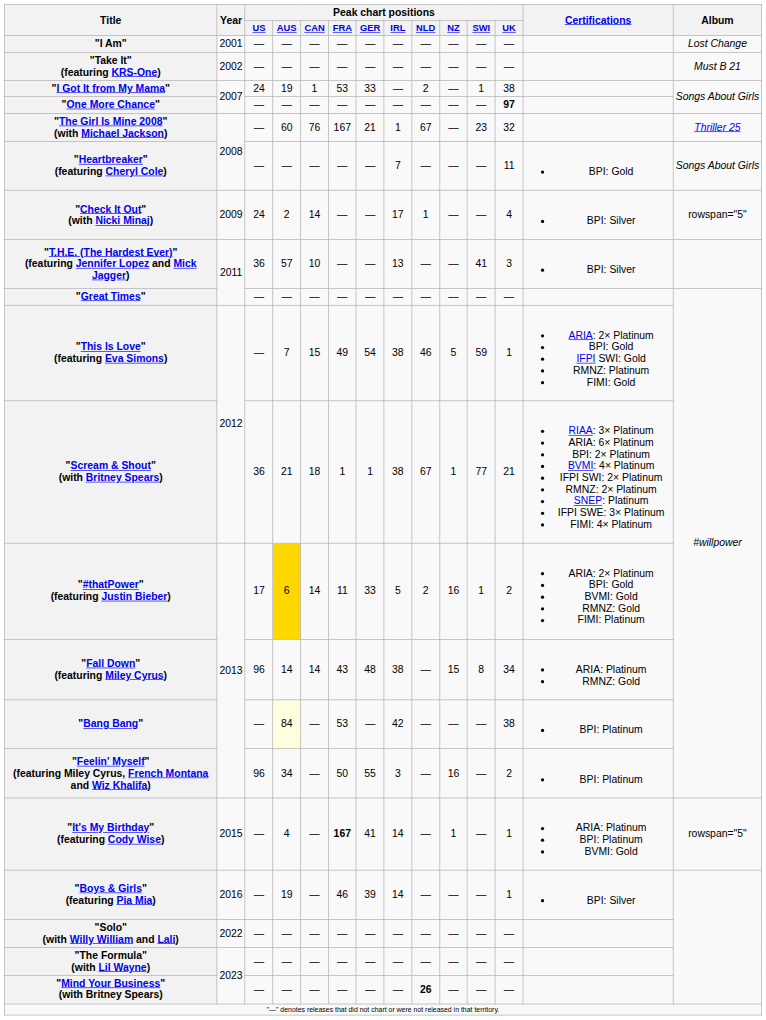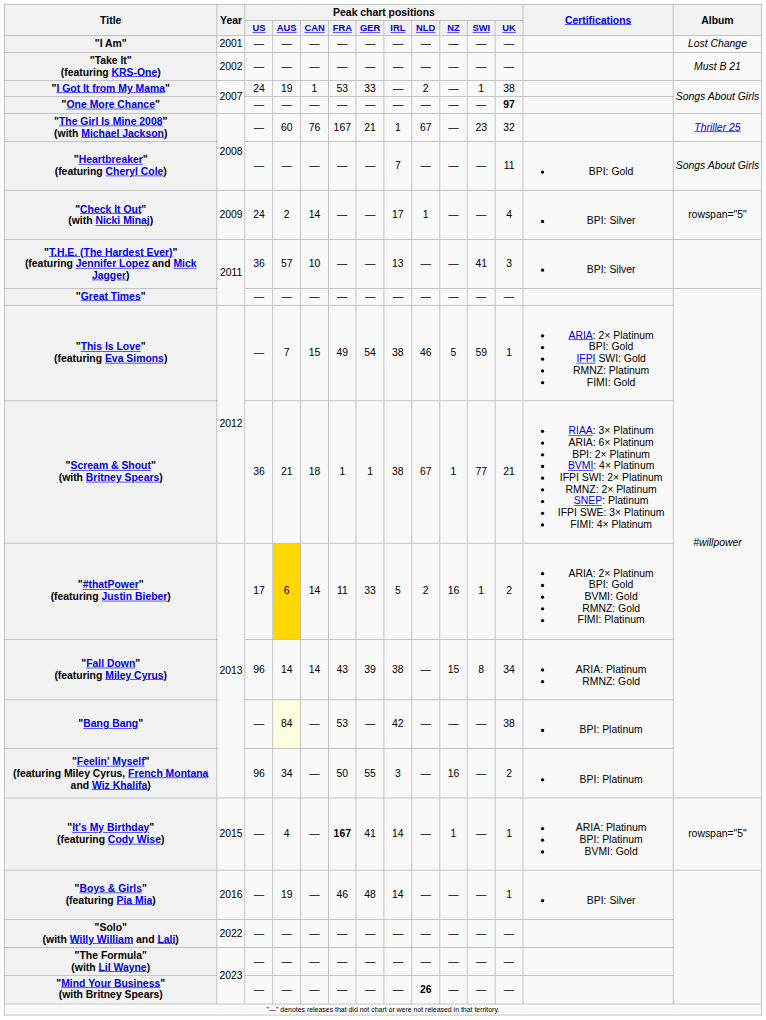 <table class="wikitable plainrowheaders" style="text-align:center;" border="1">
 <tr>
 <th scope="col" rowspan="2" style="width:20em;">Title</th>
 <th scope="col" rowspan="2">Year</th>
 <th scope="col" colspan="10">Peak chart positions</th>
 <th scope="col" rowspan="2" style="width:14em;"><a href='#'>Certifications</a></th>
 <th scope="col" rowspan="2">Album</th>
 </tr>
 <tr>
 <th scope="col" style="width:2.5em;font-size:90%;"><a href='#'>US</a><br></th>
 <th scope="col" style="width:2.5em;font-size:90%;"><a href='#'>AUS</a><br></th>
 <th scope="col" style="width:2.5em;font-size:90%;"><a href='#'>CAN</a><br></th>
 <th scope="col" style="width:2.5em;font-size:90%;"><a href='#'>FRA</a><br></th>
 <th scope="col" style="width:2.5em;font-size:90%;"><a href='#'>GER</a><br></th>
 <th scope="col" style="width:2.5em;font-size:90%;"><a href='#'>IRL</a><br></th>
 <th scope="col" style="width:2.5em;font-size:90%;"><a href='#'>NLD</a><br></th>
 <th scope="col" style="width:2.5em;font-size:90%;"><a href='#'>NZ</a><br></th>
 <th scope="col" style="width:2.5em;font-size:90%;"><a href='#'>SWI</a><br></th>
 <th scope="col" style="width:2.5em;font-size:90%;"><a href='#'>UK</a><br></th>
 </tr>
 <tr>
 <th scope="row">"I Am"</th>
 <td>2001</td>
 <td>—</td>
 <td>—</td>
 <td>—</td>
 <td>—</td>
 <td>—</td>
 <td>—</td>
 <td>—</td>
 <td>—</td>
 <td>—</td>
 <td>—</td>
 <td></td>
 <td><em>Lost Change</em></td>
 </tr>
 <tr>
 <th scope="row">"Take It"<br><span>(featuring <a href='#'>KRS-One</a>)</span></th>
 <td>2002</td>
 <td>—</td>
 <td>—</td>
 <td>—</td>
 <td>—</td>
 <td>—</td>
 <td>—</td>
 <td>—</td>
 <td>—</td>
 <td>—</td>
 <td>—</td>
 <td></td>
 <td><em>Must B 21</em></td>
 </tr>
 <tr>
 <th scope="row">"<a href='#'>I Got It from My Mama</a>"</th>
 <td rowspan="2">2007</td>
 <td>24</td>
 <td>19</td>
 <td>1</td>
 <td>53</td>
 <td>33</td>
 <td>—</td>
 <td>2</td>
 <td>—</td>
 <td>1</td>
 <td>38</td>
 <td></td>
 <td rowspan="2"><em>Songs About Girls</em></td>
 </tr>
 <tr>
 <th scope="row">"<a href='#'>One More Chance</a>"</th>
 <td>—</td>
 <td>—</td>
 <td>—</td>
 <td>—</td>
 <td>—</td>
 <td>—</td>
 <td>—</td>
 <td>—</td>
 <td>—</td>
 <td><strong>97</strong></td>
 <td></td>
 </tr>
 <tr>
 <th scope="row">"<a href='#'>The Girl Is Mine 2008</a>"<br><span>(with <a href='#'>Michael Jackson</a>)</span></th>
 <td rowspan="2">2008</td>
 <td>—</td>
 <td>60</td>
 <td>76</td>
 <td>167</td>
 <td>21</td>
 <td>1</td>
 <td>67</td>
 <td>—</td>
 <td>23</td>
 <td>32</td>
 <td></td>
 <td><em><a href='#'>Thriller 25</a></em></td>
 </tr>
 <tr>
 <th scope="row">"<a href='#'>Heartbreaker</a>"<br><span>(featuring <a href='#'>Cheryl Cole</a>)</span></th>
 <td>—</td>
 <td>—</td>
 <td>—</td>
 <td>—</td>
 <td>—</td>
 <td>7</td>
 <td>—</td>
 <td>—</td>
 <td>—</td>
 <td>11</td>
 <td><br><ul><li>BPI: Gold</li></ul></td>
 <td><em>Songs About Girls</em></td>
 </tr>
 <tr>
 <th scope="row">"<a href='#'>Check It Out</a>"<br><span>(with <a href='#'>Nicki Minaj</a>)</span></th>
 <td>2009</td>
 <td>24</td>
 <td>2</td>
 <td>14</td>
 <td>—</td>
 <td>—</td>
 <td>17</td>
 <td>1</td>
 <td>—</td>
 <td>—</td>
 <td>4</td>
 <td><br><ul><li>BPI: Silver</li></ul></td>
 <td>rowspan="5" </td>
 </tr>
 <tr>
 <th scope="row">"<a href='#'>T.H.E. (The Hardest Ever)</a>"<br><span>(featuring <a href='#'>Jennifer Lopez</a> and <a href='#'>Mick Jagger</a>)</span></th>
 <td rowspan="2">2011</td>
 <td>36</td>
 <td>57</td>
 <td>10</td>
 <td>—</td>
 <td>—</td>
 <td>13</td>
 <td>—</td>
 <td>—</td>
 <td>41</td>
 <td>3</td>
 <td><br><ul><li>BPI: Silver</li></ul></td>
 <td></td>
 </tr>
 <tr>
 <th scope="row">"<a href='#'>Great Times</a>"</th>
 <td>—</td>
 <td>—</td>
 <td>—</td>
 <td>—</td>
 <td>—</td>
 <td>—</td>
 <td>—</td>
 <td>—</td>
 <td>—</td>
 <td>—</td>
 <td></td>
 <td rowspan="7"><em>#willpower</em></td>
 </tr>
 <tr>
 <th scope="row">"<a href='#'>This Is Love</a>"<br><span>(featuring <a href='#'>Eva Simons</a>)</span></th>
 <td rowspan="2">2012</td>
 <td>—</td>
 <td>7</td>
 <td>15</td>
 <td>49</td>
 <td>54</td>
 <td>38</td>
 <td>46</td>
 <td>5</td>
 <td>59</td>
 <td>1</td>
 <td><br><ul><li><a href='#'>ARIA</a>: 2× Platinum</li><li>BPI: Gold</li><li><a href='#'>IFPI</a> SWI: Gold</li><li>RMNZ: Platinum</li><li>FIMI: Gold</li></ul></td>
 </tr>
 <tr>
 <th scope="row">"<a href='#'>Scream & Shout</a>"<br><span>(with <a href='#'>Britney Spears</a>)</span></th>
 <td>36</td>
 <td>21</td>
 <td>18</td>
 <td>1</td>
 <td>1</td>
 <td>38</td>
 <td>67</td>
 <td>1</td>
 <td>77</td>
 <td>21</td>
 <td><br><ul><li><a href='#'>RIAA</a>: 3× Platinum</li><li>ARIA: 6× Platinum</li><li>BPI: 2× Platinum</li><li><a href='#'>BVMI</a>: 4× Platinum</li><li>IFPI SWI: 2× Platinum</li><li>RMNZ: 2× Platinum</li><li><a href='#'>SNEP</a>: Platinum</li><li>IFPI SWE: 3× Platinum</li><li>FIMI: 4× Platinum</li></ul></td>
 </tr>
 <tr>
 <th scope="row">"<a href='#'>#thatPower</a>"<br><span>(featuring <a href='#'>Justin Bieber</a>)</span></th>
 <td rowspan="4">2013</td>
 <td>17</td>
 <td style="background: gold;">6</td>
 <td>14</td>
 <td>11</td>
 <td>33</td>
 <td>5</td>
 <td>2</td>
 <td>16</td>
 <td>1</td>
 <td>2</td>
 <td><br><ul><li>ARIA: 2× Platinum</li><li>BPI: Gold</li><li>BVMI: Gold</li><li>RMNZ: Gold</li><li>FIMI: Platinum</li></ul></td>
 </tr>
 <tr>
 <th scope="row">"<a href='#'>Fall Down</a>"<br><span>(featuring <a href='#'>Miley Cyrus</a>)</span></th>
 <td>96</td>
 <td>14</td>
 <td>14</td>
 <td>43</td>
-<td>48</td>
+<td>39</td>
 <td>38</td>
 <td>—</td>
 <td>15</td>
 <td>8</td>
 <td>34</td>
 <td><br><ul><li>ARIA: Platinum</li><li>RMNZ: Gold</li></ul></td>
 </tr>
 <tr>
 <th scope="row">"<a href='#'>Bang Bang</a>"</th>
 <td>—</td>
 <td style="background: lightyellow;">84</td>
 <td>—</td>
 <td>53</td>
 <td>—</td>
 <td>42</td>
 <td>—</td>
 <td>—</td>
 <td>—</td>
 <td>38</td>
 <td><br><ul><li>BPI: Platinum</li></ul></td>
 </tr>
 <tr>
 <th scope="row">"<a href='#'>Feelin' Myself</a>"<br><span>(featuring Miley Cyrus, <a href='#'>French Montana</a> and <a href='#'>Wiz Khalifa</a>)</span></th>
 <td>96</td>
 <td>34</td>
 <td>—</td>
 <td>50</td>
 <td>55</td>
 <td>3</td>
 <td>—</td>
 <td>16</td>
 <td>—</td>
 <td>2</td>
 <td><br><ul><li>BPI: Platinum</li></ul></td>
 </tr>
 <tr>
 <th scope="row">"<a href='#'>It's My Birthday</a>"<br><span>(featuring <a href='#'>Cody Wise</a>)</span></th>
 <td>2015</td>
 <td>—</td>
 <td>4</td>
 <td>—</td>
 <td><strong>167</strong></td>
 <td>41</td>
 <td>14</td>
 <td>—</td>
 <td>1</td>
 <td>—</td>
 <td>1</td>
 <td><br><ul><li>ARIA: Platinum</li><li>BPI: Platinum</li><li>BVMI: Gold</li></ul></td>
 <td>rowspan="5" </td>
 </tr>
 <tr>
 <th scope="row">"<a href='#'>Boys & Girls</a>"<br><span>(featuring <a href='#'>Pia Mia</a>)</span></th>
 <td>2016</td>
 <td>—</td>
 <td>19</td>
 <td>—</td>
 <td>46</td>
-<td>39</td>
+<td>48</td>
 <td>14</td>
 <td>—</td>
 <td>—</td>
 <td>—</td>
 <td>1</td>
 <td><br><ul><li>BPI: Silver</li></ul></td>
 </tr>
 <tr>
 <th scope="row">"Solo"<br><span>(with <a href='#'>Willy William</a> and <a href='#'>Lali</a>)</span></th>
 <td>2022</td>
 <td>—</td>
 <td>—</td>
 <td>—</td>
 <td>—</td>
 <td>—</td>
 <td>—</td>
 <td>—</td>
 <td>—</td>
 <td>—</td>
 <td>—</td>
 <td></td>
 </tr>
 <tr>
 <th scope="row">"The Formula"<br><span>(with <a href='#'>Lil Wayne</a>)</span></th>
 <td rowspan="2">2023</td>
 <td>—</td>
 <td>—</td>
 <td>—</td>
 <td>—</td>
 <td>—</td>
 <td>—</td>
 <td>—</td>
 <td>—</td>
 <td>—</td>
 <td>—</td>
 <td></td>
 </tr>
 <tr>
 <th scope="row">"<a href='#'>Mind Your Business</a>"<br><span>(with Britney Spears)</span></th>
 <td>—</td>
 <td>—</td>
 <td>—</td>
 <td>—</td>
 <td>—</td>
 <td>—</td>
 <td><strong>26</strong></td>
 <td>—</td>
 <td>—</td>
 <td>—</td>
 <td></td>
 </tr>
 <tr>
 <td colspan="15" style="font-size:8pt">"—" denotes releases that did not chart or were not released in that territory.</td>
 </tr>
 </table>
